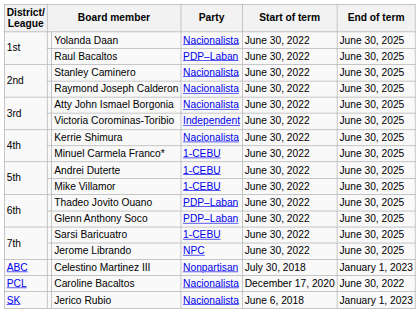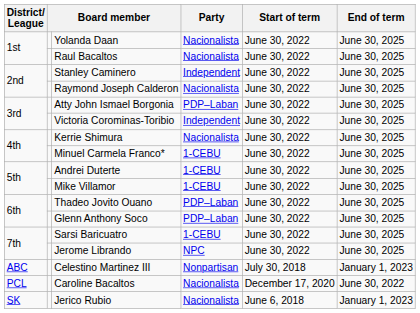 <table class="wikitable">
 <tr>
 <th>District/<br>League</th>
 <th colspan="2">Board member</th>
 <th>Party</th>
 <th>Start of term</th>
 <th>End of term</th>
 </tr>
 <tr>
 <td rowspan="2">1st</td>
 <td></td>
 <td>Yolanda Daan</td>
 <td><a href='#'>Nacionalista</a></td>
 <td>June 30, 2022</td>
 <td>June 30, 2025</td>
 </tr>
 <tr>
 <td></td>
 <td>Raul Bacaltos</td>
-<td><a href='#'>PDP–Laban</a></td>
+<td><a href='#'>Nacionalista</a></td>
 <td>June 30, 2022</td>
 <td>June 30, 2025</td>
 </tr>
 <tr>
 <td rowspan="2">2nd</td>
 <td></td>
 <td>Stanley Caminero</td>
-<td><a href='#'>Nacionalista</a></td>
+<td><a href='#'>Independent</a></td>
 <td>June 30, 2022</td>
 <td>June 30, 2025</td>
 </tr>
 <tr>
 <td></td>
 <td>Raymond Joseph Calderon</td>
 <td><a href='#'>Nacionalista</a></td>
 <td>June 30, 2022</td>
 <td>June 30, 2025</td>
 </tr>
 <tr>
 <td rowspan="2">3rd</td>
 <td></td>
 <td>Atty John Ismael Borgonia</td>
-<td><a href='#'>Nacionalista</a></td>
+<td><a href='#'>PDP–Laban</a></td>
 <td>June 30, 2022</td>
 <td>June 30, 2025</td>
 </tr>
 <tr>
 <td></td>
 <td>Victoria Corominas-Toribio</td>
 <td><a href='#'>Independent</a></td>
 <td>June 30, 2022</td>
 <td>June 30, 2025</td>
 </tr>
 <tr>
 <td rowspan="2">4th</td>
 <td></td>
 <td>Kerrie Shimura</td>
 <td><a href='#'>Nacionalista</a></td>
 <td>June 30, 2022</td>
 <td>June 30, 2025</td>
 </tr>
 <tr>
 <td></td>
 <td>Minuel Carmela Franco* <br> </td>
 <td><a href='#'>1-CEBU</a></td>
 <td>June 30, 2022</td>
 <td>June 30, 2025</td>
 </tr>
 <tr>
 <td rowspan="2">5th</td>
 <td></td>
 <td>Andrei Duterte</td>
 <td><a href='#'>1-CEBU</a></td>
 <td>June 30, 2022</td>
 <td>June 30, 2025</td>
 </tr>
 <tr>
 <td></td>
 <td>Mike Villamor</td>
 <td><a href='#'>1-CEBU</a></td>
 <td>June 30, 2022</td>
 <td>June 30, 2025</td>
 </tr>
 <tr>
 <td rowspan="2">6th</td>
 <td></td>
 <td>Thadeo Jovito Ouano</td>
 <td><a href='#'>PDP–Laban</a></td>
 <td>June 30, 2022</td>
 <td>June 30, 2025</td>
 </tr>
 <tr>
 <td></td>
 <td>Glenn Anthony Soco</td>
 <td><a href='#'>PDP–Laban</a></td>
 <td>June 30, 2022</td>
 <td>June 30, 2025</td>
 </tr>
 <tr>
 <td rowspan="2">7th</td>
 <td></td>
 <td>Sarsi Baricuatro</td>
 <td><a href='#'>1-CEBU</a></td>
 <td>June 30, 2022</td>
 <td>June 30, 2025</td>
 </tr>
 <tr>
 <td></td>
 <td>Jerome Librando</td>
 <td><a href='#'>NPC</a></td>
 <td>June 30, 2022</td>
 <td>June 30, 2025</td>
 </tr>
 <tr>
 <td><a href='#'>ABC</a></td>
 <td></td>
 <td>Celestino Martinez III</td>
 <td><a href='#'>Nonpartisan</a></td>
 <td>July 30, 2018</td>
 <td>January 1, 2023</td>
 </tr>
 <tr>
 <td><a href='#'>PCL</a></td>
 <td></td>
 <td>Caroline Bacaltos</td>
 <td><a href='#'>Nacionalista</a></td>
 <td>December 17, 2020</td>
 <td>June 30, 2022</td>
 </tr>
 <tr>
 <td><a href='#'>SK</a></td>
 <td></td>
 <td>Jerico Rubio</td>
 <td><a href='#'>Nacionalista</a></td>
 <td>June 6, 2018</td>
 <td>January 1, 2023</td>
 </tr>
 </table>
